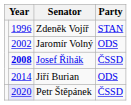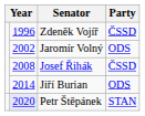 <table class="wikitable">
 <tr>
 <th colspan="2">Year</th>
 <th>Senator</th>
 <th>Party</th>
 </tr>
 <tr>
 <td rowspan="4" style="background-color:"></td>
 <td><a href='#'>1996</a></td>
 <td>Zdeněk Vojíř</td>
-<td><a href='#'>STAN</a></td>
+<td><a href='#'>ČSSD</a></td>
 </tr>
 <tr>
 <td><a href='#'>2002</a></td>
 <td>Jaromír Volný</td>
 <td><a href='#'>ODS</a></td>
 </tr>
 <tr>
-<td><strong><a href='#'>2008</a></strong></td>
+<td><a href='#'>2008</a></td>
 <td><a href='#'>Josef Řihák</a></td>
 <td><a href='#'>ČSSD</a></td>
 </tr>
 <tr>
 <td><a href='#'>2014</a></td>
 <td>Jiří Burian</td>
 <td><a href='#'>ODS</a></td>
 </tr>
 <tr>
 <td style="background-color:"></td>
 <td style="background: lavender;"><a href='#'>2020</a></td>
 <td>Petr Štěpánek</td>
-<td><a href='#'>ČSSD</a></td>
+<td><a href='#'>STAN</a></td>
 </tr>
 </table>
